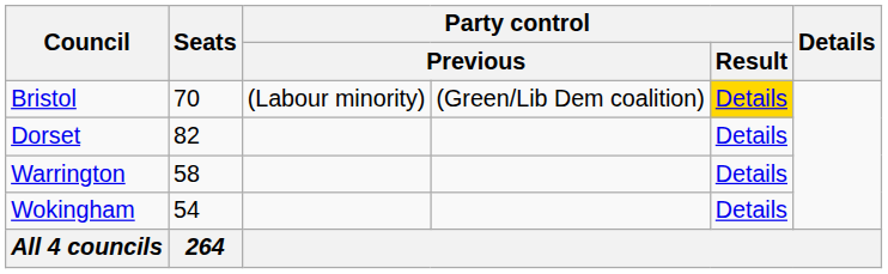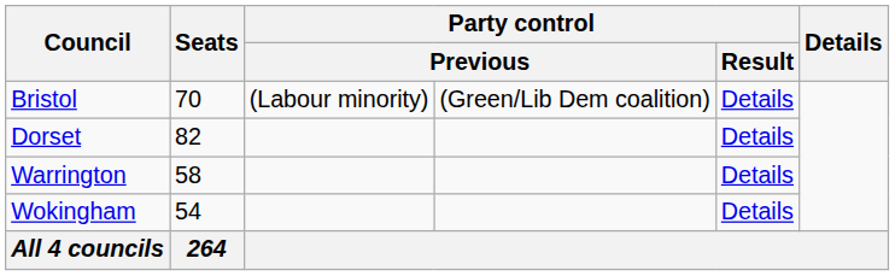 <table class="wikitable sortable">
 <tr>
 <th rowspan="2">Council</th>
 <th rowspan="2">Seats</th>
 <th colspan="4">Party control</th>
 <th rowspan="2">Details</th>
 </tr>
 <tr>
 <th colspan="2">Previous</th>
 <th colspan="2">Result</th>
 </tr>
 <tr>
 <td><a href='#'>Bristol</a></td>
 <td>70</td>
 <td> (Labour minority)</td>
 <td> (Green/Lib Dem coalition)</td>
-<td style="background: gold;"><a href='#'>Details</a></td>
+<td><a href='#'>Details</a></td>
 </tr>
 <tr>
 <td><a href='#'>Dorset</a></td>
 <td>82</td>
 <td></td>
 <td></td>
 <td><a href='#'>Details</a></td>
 </tr>
 <tr>
 <td><a href='#'>Warrington</a></td>
 <td>58</td>
 <td></td>
 <td></td>
 <td><a href='#'>Details</a></td>
 </tr>
 <tr>
 <td><a href='#'>Wokingham</a></td>
 <td>54</td>
 <td></td>
 <td></td>
 <td><a href='#'>Details</a></td>
 </tr>
 <tr class="sortbottom">
 <th style="text-align:left;"><em>All 4 councils</em></th>
 <th><em>264</em></th>
 <th colspan="5"></th>
 </tr>
 </table>
